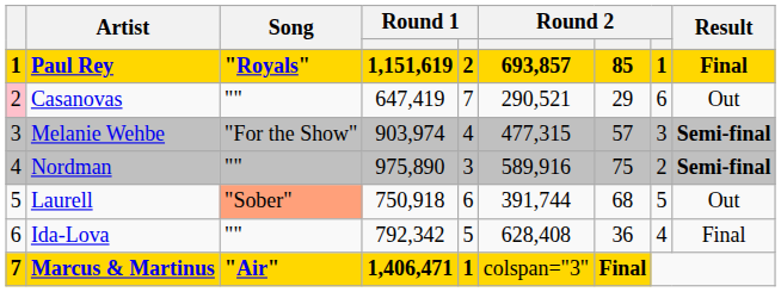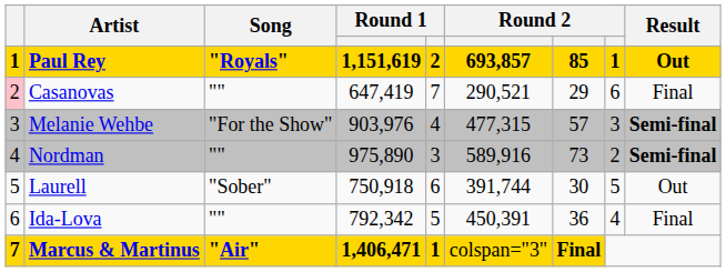 <table class="sortable wikitable" style="margin: 1em auto 1em auto; text-align:center;">
 <tr>
 <th rowspan="2"></th>
 <th rowspan="2">Artist</th>
 <th rowspan="2">Song</th>
 <th colspan="2">Round 1</th>
 <th colspan="3">Round 2</th>
 <th rowspan="2" class="unsortable">Result</th>
 </tr>
 <tr>
 <th></th>
 <th></th>
 <th></th>
 <th></th>
 <th></th>
 </tr>
 <tr style="background:gold;font-weight:bold;">
 <td>1</td>
 <td align="left"><a href='#'>Paul Rey</a></td>
 <td align="left">"<a href='#'>Royals</a>"</td>
 <td>1,151,619</td>
 <td>2</td>
 <td>693,857</td>
 <td>85</td>
 <td>1</td>
-<td>Final</td>
+<td>Out</td>
 </tr>
 <tr>
 <td style="background: pink;">2</td>
 <td align="left"><a href='#'>Casanovas</a></td>
 <td align="left">""</td>
 <td>647,419</td>
 <td>7</td>
 <td>290,521</td>
 <td>29</td>
 <td>6</td>
-<td>Out</td>
+<td>Final</td>
 </tr>
 <tr style="background:silver;">
 <td>3</td>
 <td align="left"><a href='#'>Melanie Wehbe</a></td>
 <td align="left">"For the Show"</td>
-<td>903,974</td>
+<td>903,976</td>
 <td>4</td>
 <td>477,315</td>
 <td>57</td>
 <td>3</td>
 <td><strong>Semi-final</strong></td>
 </tr>
 <tr style="background:silver;">
 <td>4</td>
 <td align="left"><a href='#'>Nordman</a></td>
 <td align="left">""</td>
 <td>975,890</td>
 <td>3</td>
 <td>589,916</td>
-<td>75</td>
+<td>73</td>
 <td>2</td>
 <td><strong>Semi-final</strong></td>
 </tr>
 <tr>
 <td>5</td>
 <td align="left"><a href='#'>Laurell</a></td>
-<td align="left" style="background: lightsalmon;">"Sober"</td>
+<td align="left">"Sober"</td>
 <td>750,918</td>
 <td>6</td>
 <td>391,744</td>
-<td>68</td>
+<td>30</td>
 <td>5</td>
 <td>Out</td>
 </tr>
 <tr>
 <td>6</td>
 <td align="left"><a href='#'>Ida-Lova</a></td>
 <td align="left">""</td>
 <td>792,342</td>
 <td>5</td>
-<td>628,408</td>
+<td>450,391</td>
 <td>36</td>
 <td>4</td>
 <td>Final</td>
 </tr>
 <tr style="background:gold;">
 <td><strong>7</strong></td>
 <td align="left"><strong><a href='#'>Marcus & Martinus</a></strong></td>
 <td align="left"><strong>"<a href='#'>Air</a>"</strong></td>
 <td><strong>1,406,471</strong></td>
 <td><strong>1</strong></td>
 <td>colspan="3" </td>
 <td><strong>Final</strong></td>
 </tr>
 </table>
